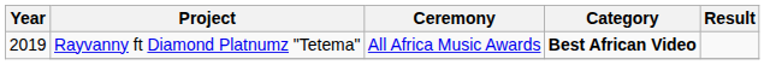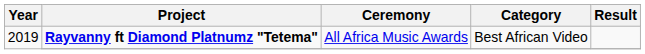 <table class="wikitable">
 <tr>
 <th>Year</th>
 <th>Project</th>
 <th>Ceremony</th>
 <th>Category</th>
 <th>Result</th>
 </tr>
 <tr>
 <td rowspan="2">2019</td>
-<td rowspan="1"><a href='#'>Rayvanny</a> ft <a href='#'>Diamond Platnumz</a> "Tetema"</td>
+<td rowspan="1"><strong><a href='#'>Rayvanny</a> ft <a href='#'>Diamond Platnumz</a> "Tetema"</strong></td>
 <td rowspan="1"><a href='#'>All Africa Music Awards</a></td>
-<td><strong>Best African Video</strong></td>
+<td>Best African Video</td>
 <td></td>
 </tr>
 <tr>
 </tr>
 </table>
